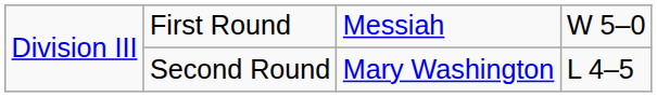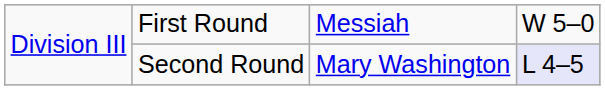 <table class="wikitable">
 <tr>
 <td rowspan="5"><a href='#'>Division III</a></td>
 <td>First Round</td>
 <td><a href='#'>Messiah</a></td>
 <td>W 5–0</td>
 </tr>
 <tr>
 <td>Second Round</td>
 <td><a href='#'>Mary Washington</a></td>
-<td>L 4–5</td>
+<td style="background: lavender;">L 4–5</td>
 </tr>
 </table>
